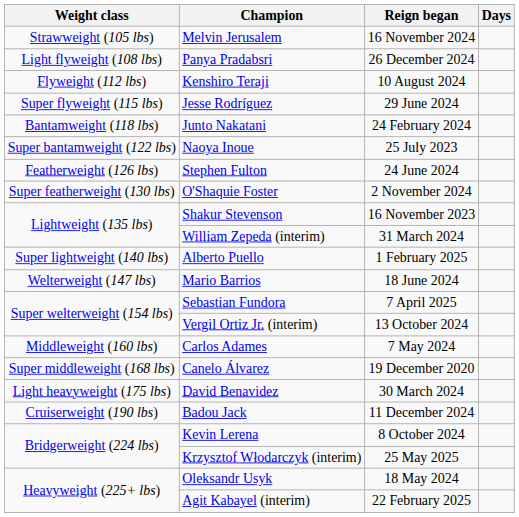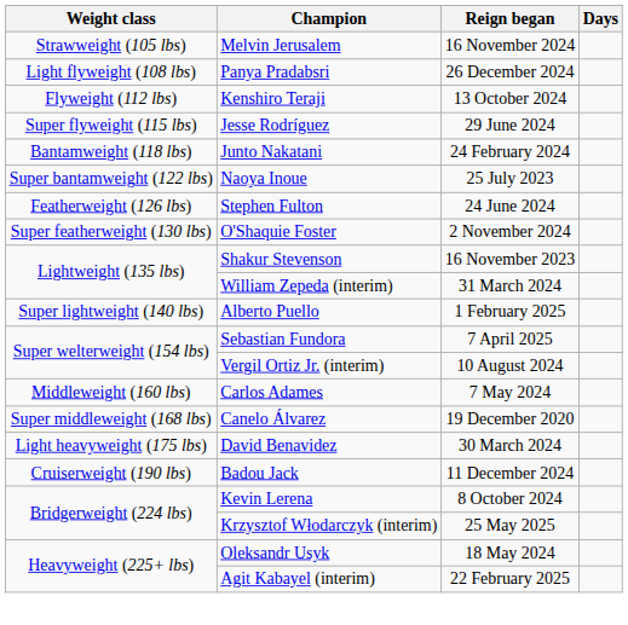 <table class="wikitable sortable" style="text-align:center"}>
 <tr>
 <th>Weight class</th>
 <th>Champion</th>
 <th>Reign began</th>
 <th>Days</th>
 </tr>
 <tr>
 <td data-sort-value=1><a href='#'>Strawweight</a> (<em>105 lbs</em>)</td>
 <td align=left><a href='#'>Melvin Jerusalem</a></td>
 <td data-sort-value= >16 November 2024</td>
 <td></td>
 </tr>
 <tr>
 <td data-sort-value=2><a href='#'>Light flyweight</a> (<em>108 lbs</em>)</td>
 <td align=left><a href='#'>Panya Pradabsri</a></td>
 <td data-sort-value= >26 December 2024</td>
 <td></td>
 </tr>
 <tr>
 <td data-sort-value=3><a href='#'>Flyweight</a> (<em>112 lbs</em>)</td>
 <td align=left><a href='#'>Kenshiro Teraji</a></td>
-<td data-sort-value= >10 August 2024</td>
+<td data-sort-value= >13 October 2024</td>
 <td></td>
 </tr>
 <tr>
 <td data-sort-value=4><a href='#'>Super flyweight</a> (<em>115 lbs</em>)</td>
 <td align=left><a href='#'>Jesse Rodríguez</a></td>
 <td data-sort-value= >29 June 2024</td>
 <td></td>
 </tr>
 <tr>
 <td data-sort-value=5><a href='#'>Bantamweight</a> (<em>118 lbs</em>)</td>
 <td align=left><a href='#'>Junto Nakatani</a></td>
 <td data-sort-value= >24 February 2024</td>
 <td></td>
 </tr>
 <tr>
 <td data-sort-value=6><a href='#'>Super bantamweight</a> (<em>122 lbs</em>)</td>
 <td align=left><a href='#'>Naoya Inoue</a></td>
 <td data-sort-value= >25 July 2023</td>
 <td></td>
 </tr>
 <tr>
 <td data-sort-value=7><a href='#'>Featherweight</a> (<em>126 lbs</em>)</td>
 <td align=left><a href='#'>Stephen Fulton</a></td>
 <td>24 June 2024</td>
 <td></td>
 </tr>
 <tr>
 <td data-sort-value=8><a href='#'>Super featherweight</a> (<em>130 lbs</em>)</td>
 <td align=left><a href='#'>O'Shaquie Foster</a></td>
 <td data-sort-value= >2 November 2024</td>
 <td></td>
 </tr>
 <tr>
 <td rowspan=2 data-sort-value=9><a href='#'>Lightweight</a> (<em>135 lbs</em>)</td>
 <td align=left><a href='#'>Shakur Stevenson</a></td>
 <td data-sort-value= >16 November 2023</td>
 <td></td>
 </tr>
 <tr>
 <td align=left><a href='#'>William Zepeda</a> (interim)</td>
 <td data-sort-value= >31 March 2024</td>
 <td></td>
 </tr>
 <tr>
 <td><a href='#'>Super lightweight</a> (<em>140 lbs</em>)</td>
 <td align="left"><a href='#'>Alberto Puello</a></td>
 <td data-sort-value= >1 February 2025</td>
 <td></td>
 </tr>
 <tr>
-<td data-sort-value="11"><a href='#'>Welterweight</a> (<em>147 lbs</em>)</td>
-<td align=left><a href='#'>Mario Barrios</a></td>
-<td data-sort-value= >18 June 2024</td>
-<td></td>
-</tr>
-<tr>
 <td rowspan=2 data-sort-value=12><a href='#'>Super welterweight</a> (<em>154 lbs</em>)</td>
 <td align=left><a href='#'>Sebastian Fundora</a></td>
 <td data-sort-value= >7 April 2025</td>
 <td></td>
 </tr>
 <tr>
 <td align=left><a href='#'>Vergil Ortiz Jr.</a> (interim)</td>
-<td data-sort-value= >13 October 2024</td>
+<td data-sort-value= >10 August 2024</td>
 <td></td>
 </tr>
 <tr>
 <td data-sort-value=13><a href='#'>Middleweight</a> (<em>160 lbs</em>)</td>
 <td align=left><a href='#'>Carlos Adames</a></td>
 <td data-sort-value= >7 May 2024</td>
 <td></td>
 </tr>
 <tr>
 <td data-sort-value=14><a href='#'>Super middleweight</a> (<em>168 lbs</em>)</td>
 <td align=left><a href='#'>Canelo Álvarez</a></td>
 <td data-sort-value= >19 December 2020</td>
 <td></td>
 </tr>
 <tr>
 <td data-sort-value="15"><a href='#'>Light heavyweight</a> (<em>175 lbs</em>)</td>
 <td align=left><a href='#'>David Benavidez</a></td>
 <td data-sort-value= >30 March 2024</td>
 <td></td>
 </tr>
 <tr>
 <td data-sort-value=16><a href='#'>Cruiserweight</a> (<em>190 lbs</em>)</td>
 <td align=left><a href='#'>Badou Jack</a></td>
 <td data-sort-value= >11 December 2024</td>
 <td></td>
 </tr>
 <tr>
 <td rowspan=2 data-sort-value=17><a href='#'>Bridgerweight</a> (<em>224 lbs</em>)</td>
 <td align=left><a href='#'>Kevin Lerena</a></td>
 <td data-sort-value= >8 October 2024</td>
 <td></td>
 </tr>
 <tr>
 <td align=left><a href='#'>Krzysztof Włodarczyk</a> (interim)</td>
 <td data-sort-value= >25 May 2025</td>
 <td></td>
 </tr>
 <tr>
 <td rowspan=2 data-sort-value=18><a href='#'>Heavyweight</a> (<em>225+ lbs</em>)</td>
 <td align=left><a href='#'>Oleksandr Usyk</a></td>
 <td data-sort-value= >18 May 2024</td>
 <td></td>
 </tr>
 <tr>
 <td align=left><a href='#'>Agit Kabayel</a> (interim)</td>
 <td data-sort-value= >22 February 2025</td>
 <td></td>
 </tr>
 </table>
